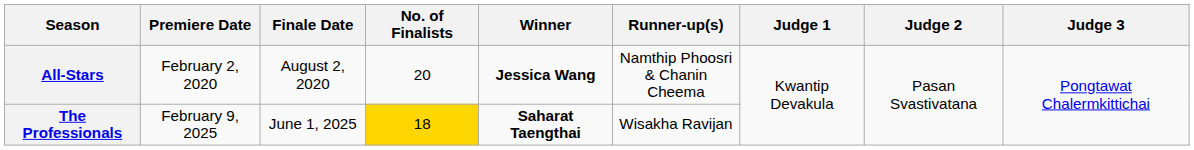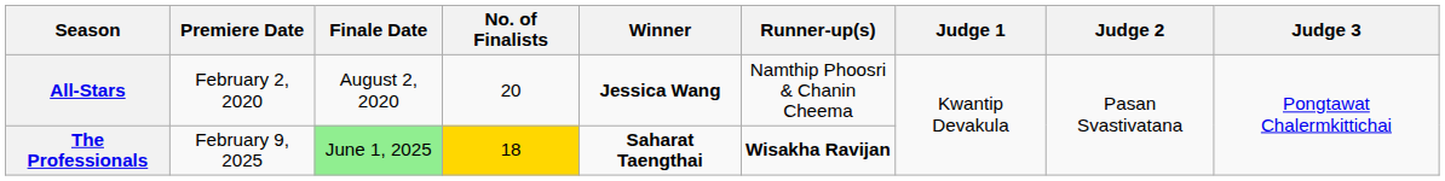 <table class="wikitable"  style="text-align:center; font-size:100%;">
 <tr>
 <th>Season</th>
 <th>Premiere Date</th>
 <th>Finale Date</th>
 <th>No. of Finalists</th>
 <th>Winner</th>
 <th>Runner-up(s)</th>
 <th>Judge 1</th>
 <th>Judge 2</th>
 <th>Judge 3</th>
 </tr>
 <tr>
 <th><a href='#'>All-Stars</a></th>
 <td>February 2, 2020</td>
 <td>August 2, 2020</td>
 <td>20</td>
 <td><strong>Jessica Wang</strong></td>
 <td>Namthip Phoosri <br> & Chanin Cheema</td>
 <td rowspan="2">Kwantip Devakula</td>
 <td rowspan="2">Pasan Svastivatana</td>
 <td rowspan="2"><a href='#'>Pongtawat Chalermkittichai</a></td>
 </tr>
 <tr>
 <th><a href='#'>The Professionals</a></th>
 <td>February 9, 2025</td>
-<td>June 1, 2025</td>
+<td style="background: lightgreen;">June 1, 2025</td>
 <td style="background: gold;">18</td>
 <td><strong>Saharat Taengthai</strong></td>
-<td>Wisakha Ravijan</td>
+<td><strong>Wisakha Ravijan</strong></td>
 </tr>
 </table>
